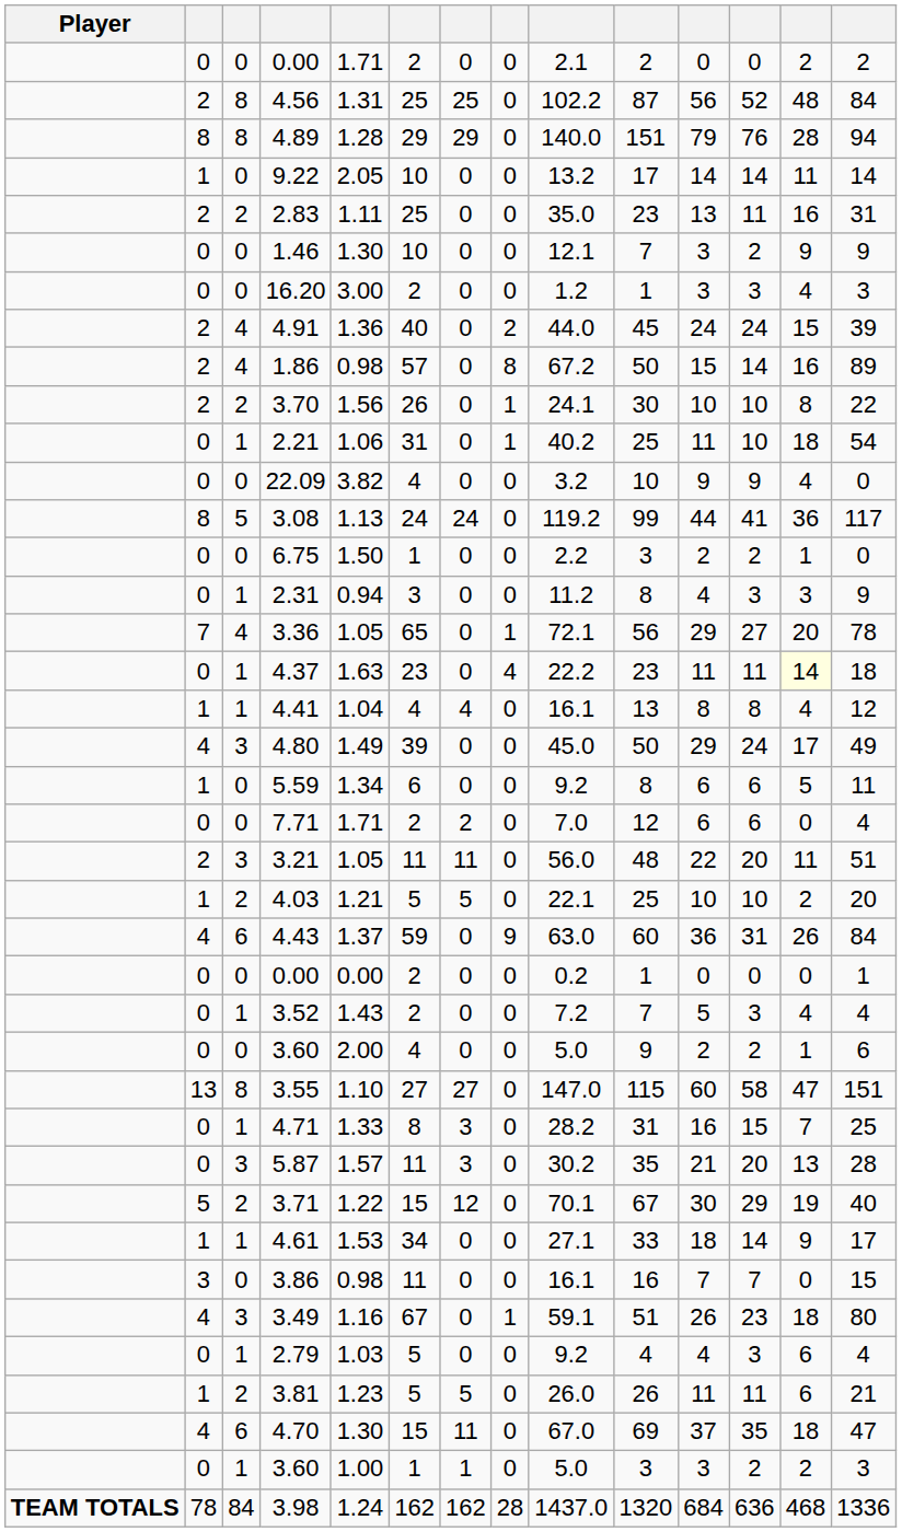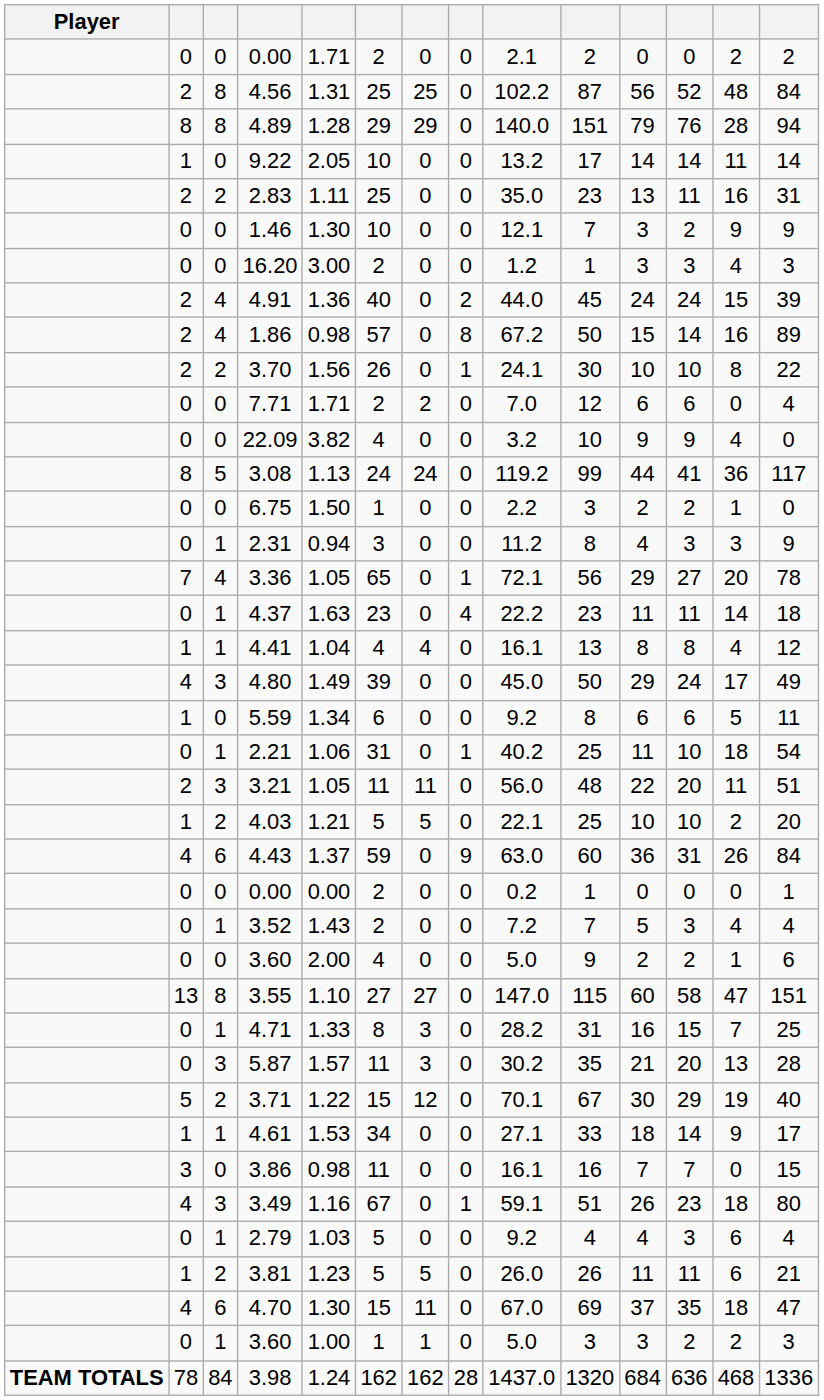 <table class="wikitable sortable" style="text-align:center;">
 <tr>
 <th>Player</th>
 <th></th>
 <th></th>
 <th></th>
 <th></th>
 <th></th>
 <th></th>
 <th></th>
 <th></th>
 <th></th>
 <th></th>
 <th></th>
 <th></th>
 <th></th>
 </tr>
 <tr>
 <td align=left></td>
 <td>0</td>
 <td>0</td>
 <td>0.00</td>
 <td>1.71</td>
 <td>2</td>
 <td>0</td>
 <td>0</td>
 <td>2.1</td>
 <td>2</td>
 <td>0</td>
 <td>0</td>
 <td>2</td>
 <td>2</td>
 </tr>
 <tr>
 <td align=left><strong></strong></td>
 <td>2</td>
 <td>8</td>
 <td>4.56</td>
 <td>1.31</td>
 <td>25</td>
 <td>25</td>
 <td>0</td>
 <td>102.2</td>
 <td>87</td>
 <td>56</td>
 <td>52</td>
 <td>48</td>
 <td>84</td>
 </tr>
 <tr>
 <td align=left><strong></strong></td>
 <td>8</td>
 <td>8</td>
 <td>4.89</td>
 <td>1.28</td>
 <td>29</td>
 <td>29</td>
 <td>0</td>
 <td>140.0</td>
 <td>151</td>
 <td>79</td>
 <td>76</td>
 <td>28</td>
 <td>94</td>
 </tr>
 <tr>
 <td align=left></td>
 <td>1</td>
 <td>0</td>
 <td>9.22</td>
 <td>2.05</td>
 <td>10</td>
 <td>0</td>
 <td>0</td>
 <td>13.2</td>
 <td>17</td>
 <td>14</td>
 <td>14</td>
 <td>11</td>
 <td>14</td>
 </tr>
 <tr>
 <td align=left></td>
 <td>2</td>
 <td>2</td>
 <td>2.83</td>
 <td>1.11</td>
 <td>25</td>
 <td>0</td>
 <td>0</td>
 <td>35.0</td>
 <td>23</td>
 <td>13</td>
 <td>11</td>
 <td>16</td>
 <td>31</td>
 </tr>
 <tr>
 <td align=left></td>
 <td>0</td>
 <td>0</td>
 <td>1.46</td>
 <td>1.30</td>
 <td>10</td>
 <td>0</td>
 <td>0</td>
 <td>12.1</td>
 <td>7</td>
 <td>3</td>
 <td>2</td>
 <td>9</td>
 <td>9</td>
 </tr>
 <tr>
 <td align=left></td>
 <td>0</td>
 <td>0</td>
 <td>16.20</td>
 <td>3.00</td>
 <td>2</td>
 <td>0</td>
 <td>0</td>
 <td>1.2</td>
 <td>1</td>
 <td>3</td>
 <td>3</td>
 <td>4</td>
 <td>3</td>
 </tr>
 <tr>
 <td align=left></td>
 <td>2</td>
 <td>4</td>
 <td>4.91</td>
 <td>1.36</td>
 <td>40</td>
 <td>0</td>
 <td>2</td>
 <td>44.0</td>
 <td>45</td>
 <td>24</td>
 <td>24</td>
 <td>15</td>
 <td>39</td>
 </tr>
 <tr>
 <td align=left><strong></strong></td>
 <td>2</td>
 <td>4</td>
 <td>1.86</td>
 <td>0.98</td>
 <td>57</td>
 <td>0</td>
 <td>8</td>
 <td>67.2</td>
 <td>50</td>
 <td>15</td>
 <td>14</td>
 <td>16</td>
 <td>89</td>
 </tr>
 <tr>
 <td align=left><strong></strong></td>
 <td>2</td>
 <td>2</td>
 <td>3.70</td>
 <td>1.56</td>
 <td>26</td>
 <td>0</td>
 <td>1</td>
 <td>24.1</td>
 <td>30</td>
 <td>10</td>
 <td>10</td>
 <td>8</td>
 <td>22</td>
 </tr>
 <tr>
-<td align=left><strong></strong></td>
+<td align=left></td>
 <td>0</td>
-<td>1</td>
-<td>2.21</td>
-<td>1.06</td>
-<td>31</td>
 <td>0</td>
-<td>1</td>
-<td>40.2</td>
-<td>25</td>
-<td>11</td>
-<td>10</td>
-<td>18</td>
-<td>54</td>
+<td>7.71</td>
+<td>1.71</td>
+<td>2</td>
+<td>2</td>
+<td>0</td>
+<td>7.0</td>
+<td>12</td>
+<td>6</td>
+<td>6</td>
+<td>0</td>
+<td>4</td>
 </tr>
 <tr>
 <td align=left><strong></strong></td>
 <td>0</td>
 <td>0</td>
 <td>22.09</td>
 <td>3.82</td>
 <td>4</td>
 <td>0</td>
 <td>0</td>
 <td>3.2</td>
 <td>10</td>
 <td>9</td>
 <td>9</td>
 <td>4</td>
 <td>0</td>
 </tr>
 <tr>
 <td align=left><strong></strong></td>
 <td>8</td>
 <td>5</td>
 <td>3.08</td>
 <td>1.13</td>
 <td>24</td>
 <td>24</td>
 <td>0</td>
 <td>119.2</td>
 <td>99</td>
 <td>44</td>
 <td>41</td>
 <td>36</td>
 <td>117</td>
 </tr>
 <tr>
 <td align=left></td>
 <td>0</td>
 <td>0</td>
 <td>6.75</td>
 <td>1.50</td>
 <td>1</td>
 <td>0</td>
 <td>0</td>
 <td>2.2</td>
 <td>3</td>
 <td>2</td>
 <td>2</td>
 <td>1</td>
 <td>0</td>
 </tr>
 <tr>
 <td align=left></td>
 <td>0</td>
 <td>1</td>
 <td>2.31</td>
 <td>0.94</td>
 <td>3</td>
 <td>0</td>
 <td>0</td>
 <td>11.2</td>
 <td>8</td>
 <td>4</td>
 <td>3</td>
 <td>3</td>
 <td>9</td>
 </tr>
 <tr>
 <td align=left><strong></strong></td>
 <td>7</td>
 <td>4</td>
 <td>3.36</td>
 <td>1.05</td>
 <td>65</td>
 <td>0</td>
 <td>1</td>
 <td>72.1</td>
 <td>56</td>
 <td>29</td>
 <td>27</td>
 <td>20</td>
 <td>78</td>
 </tr>
 <tr>
 <td align=left><strong></strong></td>
 <td>0</td>
 <td>1</td>
 <td>4.37</td>
 <td>1.63</td>
 <td>23</td>
 <td>0</td>
 <td>4</td>
 <td>22.2</td>
 <td>23</td>
 <td>11</td>
 <td>11</td>
-<td style="background: lightyellow;">14</td>
+<td>14</td>
 <td>18</td>
 </tr>
 <tr>
 <td align=left></td>
 <td>1</td>
 <td>1</td>
 <td>4.41</td>
 <td>1.04</td>
 <td>4</td>
 <td>4</td>
 <td>0</td>
 <td>16.1</td>
 <td>13</td>
 <td>8</td>
 <td>8</td>
 <td>4</td>
 <td>12</td>
 </tr>
 <tr>
 <td align=left><strong></strong></td>
 <td>4</td>
 <td>3</td>
 <td>4.80</td>
 <td>1.49</td>
 <td>39</td>
 <td>0</td>
 <td>0</td>
 <td>45.0</td>
 <td>50</td>
 <td>29</td>
 <td>24</td>
 <td>17</td>
 <td>49</td>
 </tr>
 <tr>
 <td align=left></td>
 <td>1</td>
 <td>0</td>
 <td>5.59</td>
 <td>1.34</td>
 <td>6</td>
 <td>0</td>
 <td>0</td>
 <td>9.2</td>
 <td>8</td>
 <td>6</td>
 <td>6</td>
 <td>5</td>
 <td>11</td>
 </tr>
 <tr>
-<td align=left></td>
+<td align=left><strong></strong></td>
 <td>0</td>
+<td>1</td>
+<td>2.21</td>
+<td>1.06</td>
+<td>31</td>
 <td>0</td>
-<td>7.71</td>
-<td>1.71</td>
-<td>2</td>
-<td>2</td>
-<td>0</td>
-<td>7.0</td>
-<td>12</td>
-<td>6</td>
-<td>6</td>
-<td>0</td>
-<td>4</td>
+<td>1</td>
+<td>40.2</td>
+<td>25</td>
+<td>11</td>
+<td>10</td>
+<td>18</td>
+<td>54</td>
 </tr>
 <tr>
 <td align=left></td>
 <td>2</td>
 <td>3</td>
 <td>3.21</td>
 <td>1.05</td>
 <td>11</td>
 <td>11</td>
 <td>0</td>
 <td>56.0</td>
 <td>48</td>
 <td>22</td>
 <td>20</td>
 <td>11</td>
 <td>51</td>
 </tr>
 <tr>
 <td align=left></td>
 <td>1</td>
 <td>2</td>
 <td>4.03</td>
 <td>1.21</td>
 <td>5</td>
 <td>5</td>
 <td>0</td>
 <td>22.1</td>
 <td>25</td>
 <td>10</td>
 <td>10</td>
 <td>2</td>
 <td>20</td>
 </tr>
 <tr>
 <td align=left><strong></strong></td>
 <td>4</td>
 <td>6</td>
 <td>4.43</td>
 <td>1.37</td>
 <td>59</td>
 <td>0</td>
 <td>9</td>
 <td>63.0</td>
 <td>60</td>
 <td>36</td>
 <td>31</td>
 <td>26</td>
 <td>84</td>
 </tr>
 <tr>
 <td align=left><strong></strong></td>
 <td>0</td>
 <td>0</td>
 <td>0.00</td>
 <td>0.00</td>
 <td>2</td>
 <td>0</td>
 <td>0</td>
 <td>0.2</td>
 <td>1</td>
 <td>0</td>
 <td>0</td>
 <td>0</td>
 <td>1</td>
 </tr>
 <tr>
 <td align=left></td>
 <td>0</td>
 <td>1</td>
 <td>3.52</td>
 <td>1.43</td>
 <td>2</td>
 <td>0</td>
 <td>0</td>
 <td>7.2</td>
 <td>7</td>
 <td>5</td>
 <td>3</td>
 <td>4</td>
 <td>4</td>
 </tr>
 <tr>
 <td align=left></td>
 <td>0</td>
 <td>0</td>
 <td>3.60</td>
 <td>2.00</td>
 <td>4</td>
 <td>0</td>
 <td>0</td>
 <td>5.0</td>
 <td>9</td>
 <td>2</td>
 <td>2</td>
 <td>1</td>
 <td>6</td>
 </tr>
 <tr>
 <td align=left><strong></strong></td>
 <td>13</td>
 <td>8</td>
 <td>3.55</td>
 <td>1.10</td>
 <td>27</td>
 <td>27</td>
 <td>0</td>
 <td>147.0</td>
 <td>115</td>
 <td>60</td>
 <td>58</td>
 <td>47</td>
 <td>151</td>
 </tr>
 <tr>
 <td align=left><strong></strong></td>
 <td>0</td>
 <td>1</td>
 <td>4.71</td>
 <td>1.33</td>
 <td>8</td>
 <td>3</td>
 <td>0</td>
 <td>28.2</td>
 <td>31</td>
 <td>16</td>
 <td>15</td>
 <td>7</td>
 <td>25</td>
 </tr>
 <tr>
 <td align=left><strong></strong></td>
 <td>0</td>
 <td>3</td>
 <td>5.87</td>
 <td>1.57</td>
 <td>11</td>
 <td>3</td>
 <td>0</td>
 <td>30.2</td>
 <td>35</td>
 <td>21</td>
 <td>20</td>
 <td>13</td>
 <td>28</td>
 </tr>
 <tr>
 <td align=left></td>
 <td>5</td>
 <td>2</td>
 <td>3.71</td>
 <td>1.22</td>
 <td>15</td>
 <td>12</td>
 <td>0</td>
 <td>70.1</td>
 <td>67</td>
 <td>30</td>
 <td>29</td>
 <td>19</td>
 <td>40</td>
 </tr>
 <tr>
 <td align=left></td>
 <td>1</td>
 <td>1</td>
 <td>4.61</td>
 <td>1.53</td>
 <td>34</td>
 <td>0</td>
 <td>0</td>
 <td>27.1</td>
 <td>33</td>
 <td>18</td>
 <td>14</td>
 <td>9</td>
 <td>17</td>
 </tr>
 <tr>
 <td align=left></td>
 <td>3</td>
 <td>0</td>
 <td>3.86</td>
 <td>0.98</td>
 <td>11</td>
 <td>0</td>
 <td>0</td>
 <td>16.1</td>
 <td>16</td>
 <td>7</td>
 <td>7</td>
 <td>0</td>
 <td>15</td>
 </tr>
 <tr>
 <td align=left><strong></strong></td>
 <td>4</td>
 <td>3</td>
 <td>3.49</td>
 <td>1.16</td>
 <td>67</td>
 <td>0</td>
 <td>1</td>
 <td>59.1</td>
 <td>51</td>
 <td>26</td>
 <td>23</td>
 <td>18</td>
 <td>80</td>
 </tr>
 <tr>
 <td align=left></td>
 <td>0</td>
 <td>1</td>
 <td>2.79</td>
 <td>1.03</td>
 <td>5</td>
 <td>0</td>
 <td>0</td>
 <td>9.2</td>
 <td>4</td>
 <td>4</td>
 <td>3</td>
 <td>6</td>
 <td>4</td>
 </tr>
 <tr>
 <td align=left></td>
 <td>1</td>
 <td>2</td>
 <td>3.81</td>
 <td>1.23</td>
 <td>5</td>
 <td>5</td>
 <td>0</td>
 <td>26.0</td>
 <td>26</td>
 <td>11</td>
 <td>11</td>
 <td>6</td>
 <td>21</td>
 </tr>
 <tr>
 <td align=left></td>
 <td>4</td>
 <td>6</td>
 <td>4.70</td>
 <td>1.30</td>
 <td>15</td>
 <td>11</td>
 <td>0</td>
 <td>67.0</td>
 <td>69</td>
 <td>37</td>
 <td>35</td>
 <td>18</td>
 <td>47</td>
 </tr>
 <tr>
 <td align=left></td>
 <td>0</td>
 <td>1</td>
 <td>3.60</td>
 <td>1.00</td>
 <td>1</td>
 <td>1</td>
 <td>0</td>
 <td>5.0</td>
 <td>3</td>
 <td>3</td>
 <td>2</td>
 <td>2</td>
 <td>3</td>
 </tr>
 <tr class="sortbottom">
 <td align="left"><strong>TEAM TOTALS</strong></td>
 <td>78</td>
 <td>84</td>
 <td>3.98</td>
 <td>1.24</td>
 <td>162</td>
 <td>162</td>
 <td>28</td>
 <td>1437.0</td>
 <td>1320</td>
 <td>684</td>
 <td>636</td>
 <td>468</td>
 <td>1336</td>
 </tr>
 </table>
